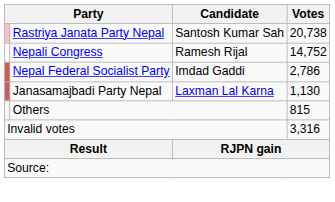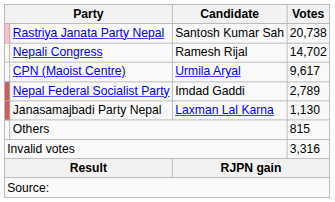 <table class="wikitable">
 <tr>
 <th colspan="2">Party</th>
 <th>Candidate</th>
 <th>Votes</th>
 </tr>
 <tr>
 <td style="background-color:pink"></td>
 <td><a href='#'>Rastriya Janata Party Nepal</a></td>
 <td>Santosh Kumar Sah</td>
 <td>20,738</td>
 </tr>
 <tr>
 <td style="background-color:"></td>
 <td><a href='#'>Nepali Congress</a></td>
 <td>Ramesh Rijal</td>
-<td>14,752</td>
+<td>14,702</td>
+</tr>
+<tr>
+<td style="background-color:"></td>
+<td><a href='#'>CPN (Maoist Centre)</a></td>
+<td><a href='#'>Urmila Aryal</a></td>
+<td>9,617</td>
 </tr>
 <tr>
 <td style="background-color:#CD5C5C"></td>
 <td><a href='#'>Nepal Federal Socialist Party</a></td>
 <td>Imdad Gaddi</td>
-<td>2,786</td>
+<td>2,789</td>
 </tr>
 <tr>
 <td style="background-color:indianred"></td>
 <td>Janasamajbadi Party Nepal</td>
 <td><a href='#'>Laxman Lal Karna</a></td>
 <td>1,130</td>
 </tr>
 <tr>
 <td></td>
 <td colspan="2">Others</td>
 <td>815</td>
 </tr>
 <tr>
 <td colspan="3">Invalid votes</td>
 <td>3,316</td>
 </tr>
 <tr>
 <th colspan="2">Result</th>
 <th colspan="2">RJPN gain</th>
 </tr>
 <tr>
 <td colspan="4">Source: </td>
 </tr>
 </table>
